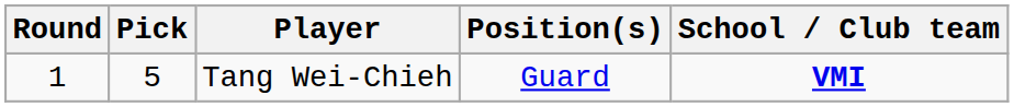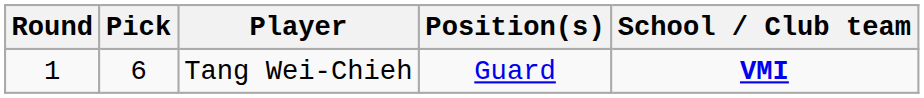 <table class="wikitable sortable sortable">
 <tr>
 <th>Round</th>
 <th>Pick</th>
 <th>Player</th>
 <th>Position(s)</th>
 <th>School / Club team</th>
 </tr>
 <tr style="text-align: center">
 <td>1</td>
-<td>5</td>
+<td>6</td>
 <td>Tang Wei-Chieh</td>
 <td><a href='#'>Guard</a></td>
 <td><strong><a href='#'>VMI</a></strong></td>
 </tr>
 </table>
